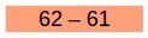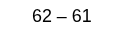 <table style="text-align:center">
 <tr>
 <th width=200></th>
 <th width=100></th>
 <th width=200></th>
 <th></th>
 </tr>
 <tr>
 <td align=right><strong></strong></td>
-<td style="background: lightsalmon;">62 – 61</td>
+<td>62 – 61</td>
 <td align=left></td>
 </tr>
 </table>
